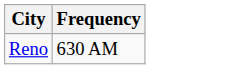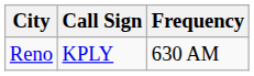 <table class="wikitable">
 <tr>
 <th scope="col">City</th>
+<th scope="col">Call Sign</th>
 <th scope="col">Frequency</th>
 </tr>
 <tr>
 <td><a href='#'>Reno</a></td>
+<td><a href='#'>KPLY</a></td>
 <td>630 AM</td>
 </tr>
 </table>
